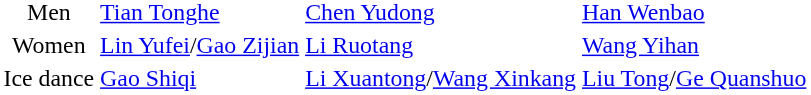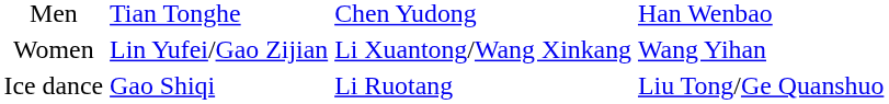 <table>
 <tr>
 <td align=center>Men </td>
 <td><a href='#'>Tian Tonghe</a></td>
 <td><a href='#'>Chen Yudong</a></td>
 <td><a href='#'>Han Wenbao</a></td>
 </tr>
 <tr>
 <td align=center>Women </td>
 <td><a href='#'>Lin Yufei</a>/<a href='#'>Gao Zijian</a></td>
-<td><a href='#'>Li Ruotang</a></td>
+<td><a href='#'>Li Xuantong</a>/<a href='#'>Wang Xinkang</a></td>
 <td><a href='#'>Wang Yihan</a></td>
 </tr>
 <tr>
 <td align=center>Ice dance </td>
 <td><a href='#'>Gao Shiqi</a></td>
-<td><a href='#'>Li Xuantong</a>/<a href='#'>Wang Xinkang</a></td>
+<td><a href='#'>Li Ruotang</a></td>
 <td><a href='#'>Liu Tong</a>/<a href='#'>Ge Quanshuo</a></td>
 </tr>
 </table>
